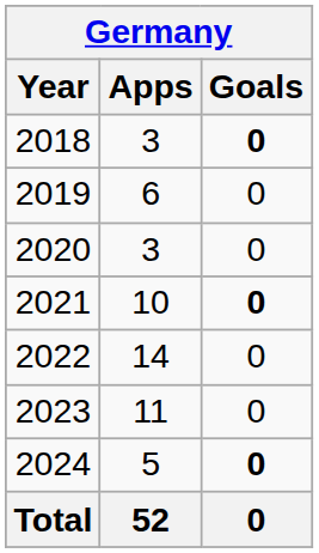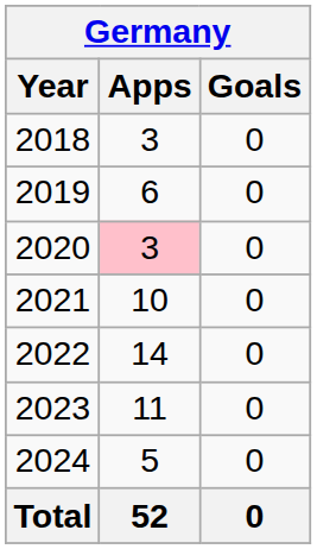 <table class="wikitable" style="text-align:center">
 <tr>
 <th colspan=3><a href='#'>Germany</a></th>
 </tr>
 <tr>
 <th>Year</th>
 <th>Apps</th>
 <th>Goals</th>
 </tr>
 <tr>
 <td>2018</td>
 <td>3</td>
-<td><strong>0</strong></td>
+<td>0</td>
 </tr>
 <tr>
 <td>2019</td>
 <td>6</td>
 <td>0</td>
 </tr>
 <tr>
 <td>2020</td>
-<td>3</td>
+<td style="background: pink;">3</td>
 <td>0</td>
 </tr>
 <tr>
 <td>2021</td>
 <td>10</td>
-<td><strong>0</strong></td>
+<td>0</td>
 </tr>
 <tr>
 <td>2022</td>
 <td>14</td>
 <td>0</td>
 </tr>
 <tr>
 <td>2023</td>
 <td>11</td>
 <td>0</td>
 </tr>
 <tr>
 <td>2024</td>
 <td>5</td>
-<td><strong>0</strong></td>
+<td>0</td>
 </tr>
 <tr>
 <th>Total</th>
 <th>52</th>
 <th>0</th>
 </tr>
 </table>
